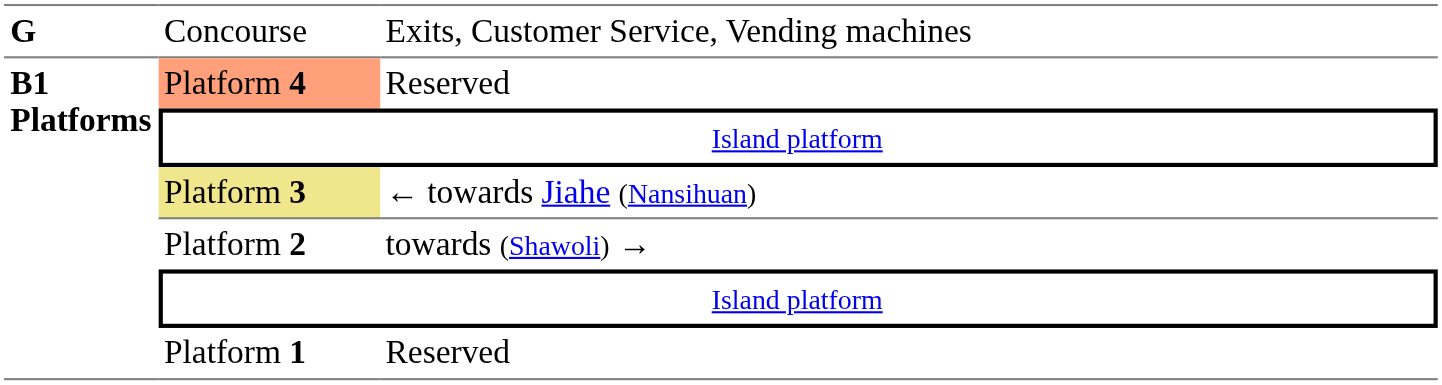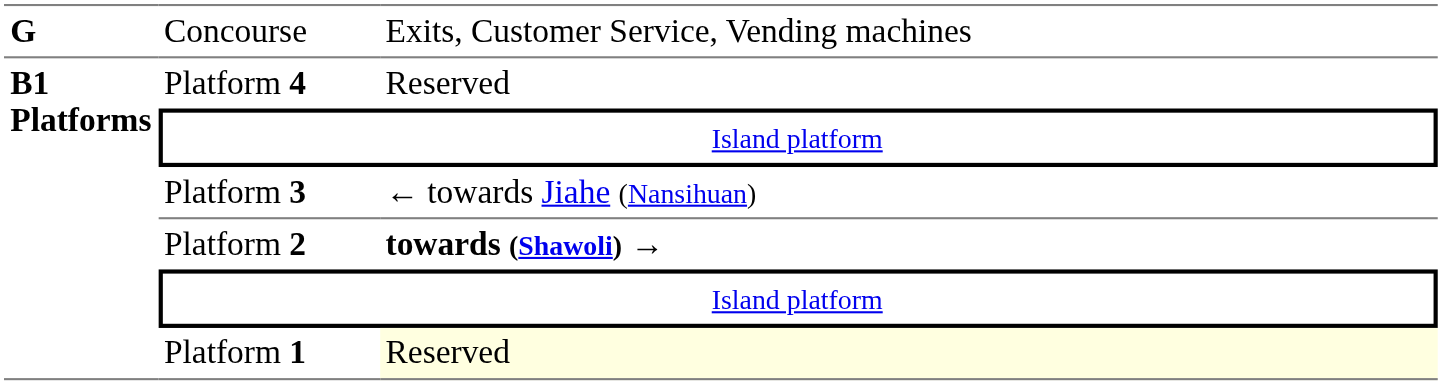 <table table border=0 cellspacing=0 cellpadding=3>
 <tr>
 <td style="border-bottom:solid 1px gray; border-top:solid 1px gray;" width=50 valign=top><strong>G</strong></td>
 <td style="border-bottom:solid 1px gray; border-top:solid 1px gray;" width=100 valign=top>Concourse</td>
 <td style="border-bottom:solid 1px gray; border-top:solid 1px gray;" width=500 valign=top>Exits, Customer Service, Vending machines</td>
 </tr>
 <tr>
 <td style="border-bottom:solid 1px gray;" rowspan="6" valign=top><strong>B1<br>Platforms</strong></td>
-<td style="background: lightsalmon;">Platform <span> <strong>4</strong></span></td>
+<td>Platform <span> <strong>4</strong></span></td>
 <td>Reserved</td>
 </tr>
 <tr>
 <td style="border-right:solid 2px black;border-left:solid 2px black;border-top:solid 2px black;border-bottom:solid 2px black;text-align:center;" colspan=2><small><a href='#'>Island platform</a></small></td>
 </tr>
 <tr>
-<td style="background: khaki; border-bottom:solid 1px gray;">Platform <span> <strong>3</strong></span></td>
+<td style="border-bottom:solid 1px gray;">Platform <span> <strong>3</strong></span></td>
 <td style="border-bottom:solid 1px gray;">←  towards <a href='#'>Jiahe</a> <small>(<a href='#'>Nansihuan</a>)</small></td>
 </tr>
 <tr>
 <td>Platform <span> <strong>2</strong></span></td>
-<td>  towards  <small>(<a href='#'>Shawoli</a>)</small> →</td>
+<td><strong>  towards  <small>(<a href='#'>Shawoli</a>)</small> →</strong></td>
 </tr>
 <tr>
 <td style="border-right:solid 2px black;border-left:solid 2px black;border-top:solid 2px black;border-bottom:solid 2px black;text-align:center;" colspan=2><small><a href='#'>Island platform</a></small></td>
 </tr>
 <tr>
 <td style="border-bottom:solid 1px gray;">Platform <span> <strong>1</strong></span></td>
-<td style="border-bottom:solid 1px gray;">Reserved</td>
+<td style="background: lightyellow; border-bottom:solid 1px gray;">Reserved</td>
 </tr>
 </table>
